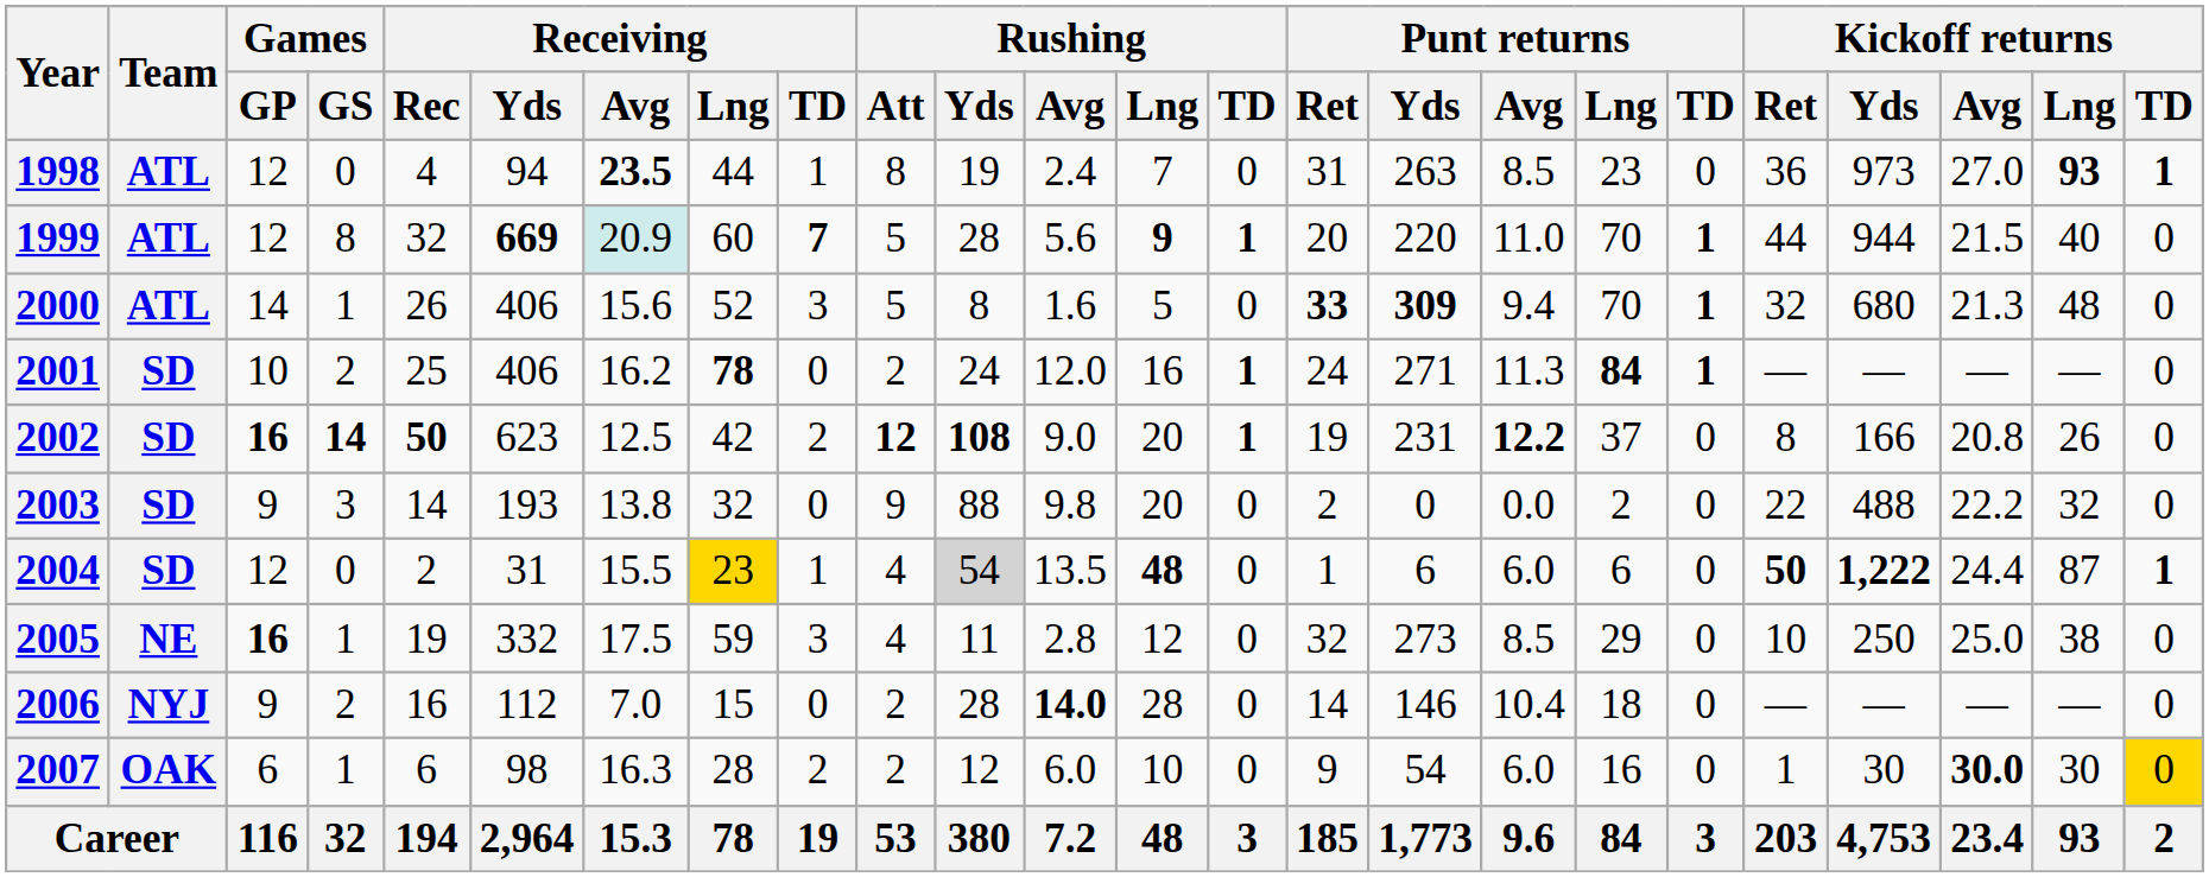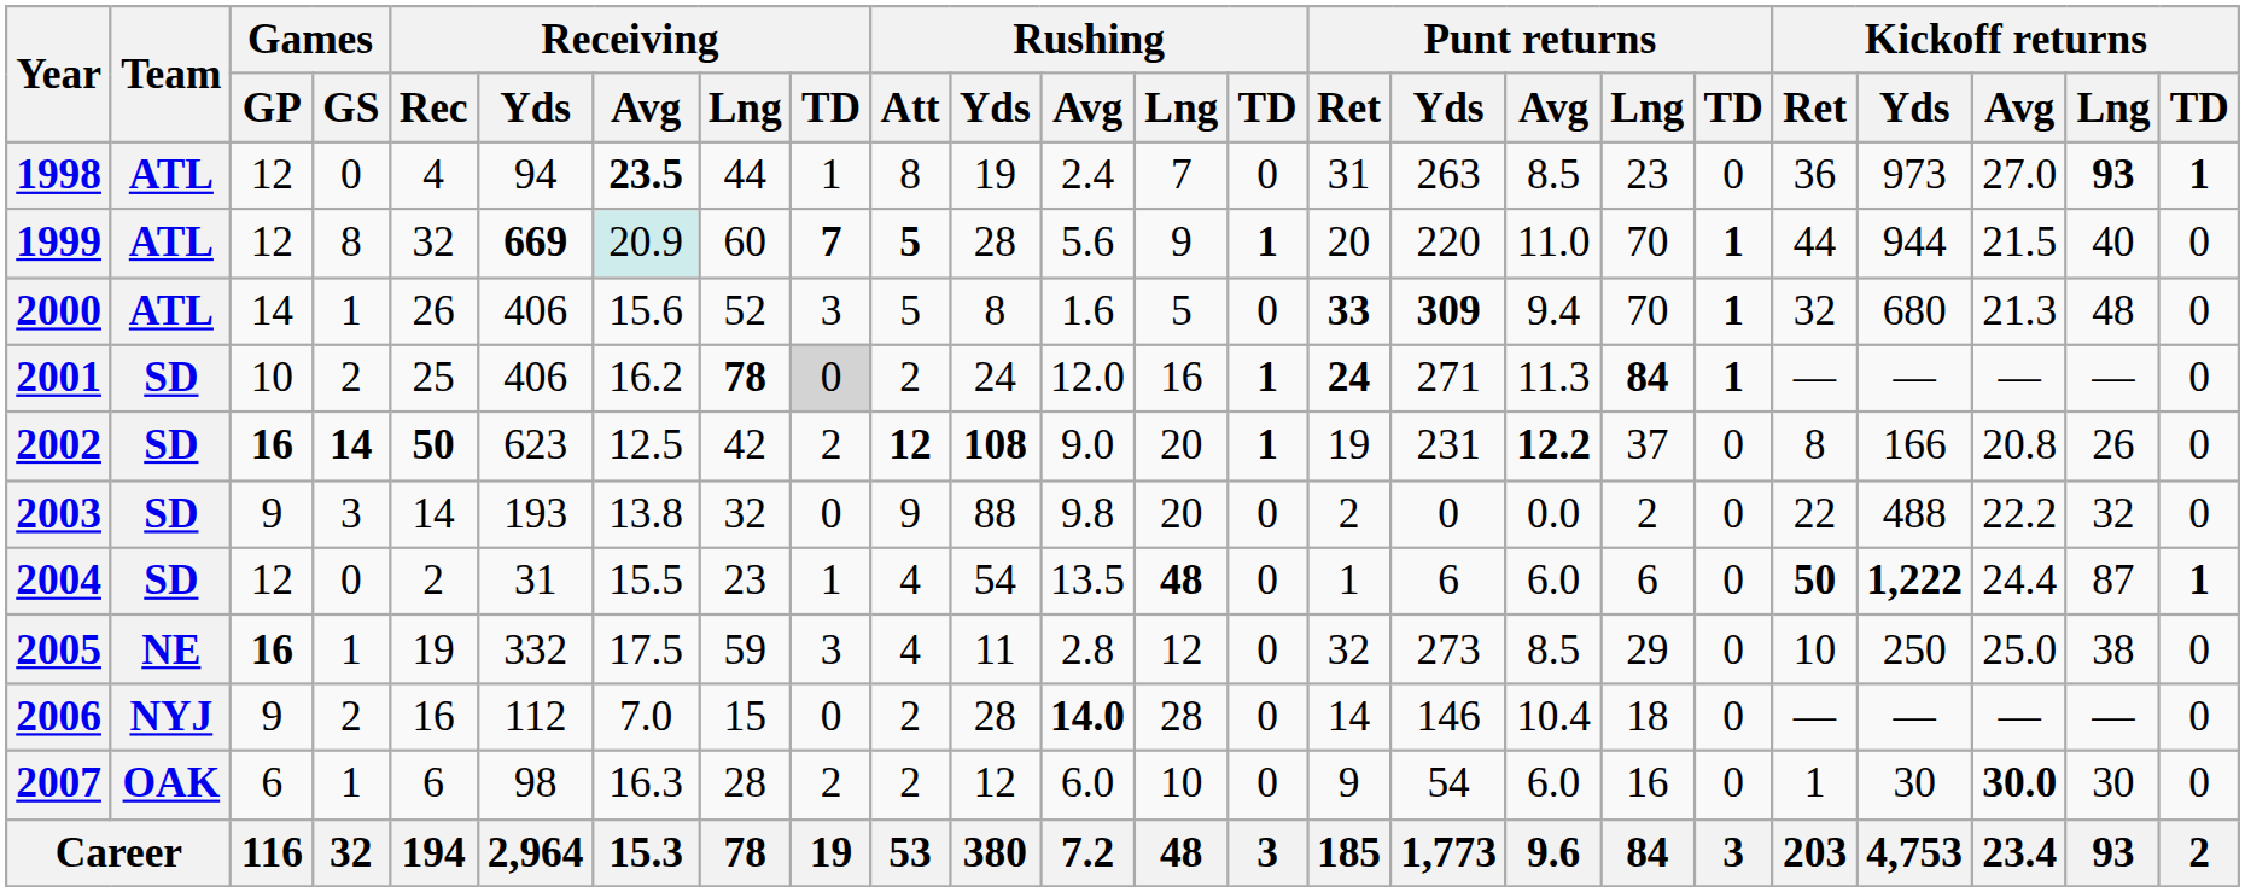 <table class="wikitable" style="text-align:center;">
 <tr>
 <th rowspan="2">Year</th>
 <th rowspan="2">Team</th>
 <th colspan="2">Games</th>
 <th colspan="5">Receiving</th>
 <th colspan="5">Rushing</th>
 <th colspan="5">Punt returns</th>
 <th colspan="5">Kickoff returns</th>
 </tr>
 <tr>
 <th>GP</th>
 <th>GS</th>
 <th>Rec</th>
 <th>Yds</th>
 <th>Avg</th>
 <th>Lng</th>
 <th>TD</th>
 <th>Att</th>
 <th>Yds</th>
 <th>Avg</th>
 <th>Lng</th>
 <th>TD</th>
 <th>Ret</th>
 <th>Yds</th>
 <th>Avg</th>
 <th>Lng</th>
 <th>TD</th>
 <th>Ret</th>
 <th>Yds</th>
 <th>Avg</th>
 <th>Lng</th>
 <th>TD</th>
 </tr>
 <tr>
 <th><a href='#'>1998</a></th>
 <th><a href='#'>ATL</a></th>
 <td>12</td>
 <td>0</td>
 <td>4</td>
 <td>94</td>
 <td><strong>23.5</strong></td>
 <td>44</td>
 <td>1</td>
 <td>8</td>
 <td>19</td>
 <td>2.4</td>
 <td>7</td>
 <td>0</td>
 <td>31</td>
 <td>263</td>
 <td>8.5</td>
 <td>23</td>
 <td>0</td>
 <td>36</td>
 <td>973</td>
 <td>27.0</td>
 <td><strong>93</strong></td>
 <td><strong>1</strong></td>
 </tr>
 <tr>
 <th><a href='#'>1999</a></th>
 <th><a href='#'>ATL</a></th>
 <td>12</td>
 <td>8</td>
 <td>32</td>
 <td><strong>669</strong></td>
 <td style="background:#cfecec; width:2em;">20.9</td>
 <td>60</td>
 <td><strong>7</strong></td>
-<td>5</td>
+<td><strong>5</strong></td>
 <td>28</td>
 <td>5.6</td>
-<td><strong>9</strong></td>
+<td>9</td>
 <td><strong>1</strong></td>
 <td>20</td>
 <td>220</td>
 <td>11.0</td>
 <td>70</td>
 <td><strong>1</strong></td>
 <td>44</td>
 <td>944</td>
 <td>21.5</td>
 <td>40</td>
 <td>0</td>
 </tr>
 <tr>
 <th><a href='#'>2000</a></th>
 <th><a href='#'>ATL</a></th>
 <td>14</td>
 <td>1</td>
 <td>26</td>
 <td>406</td>
 <td>15.6</td>
 <td>52</td>
 <td>3</td>
 <td>5</td>
 <td>8</td>
 <td>1.6</td>
 <td>5</td>
 <td>0</td>
 <td><strong>33</strong></td>
 <td><strong>309</strong></td>
 <td>9.4</td>
 <td>70</td>
 <td><strong>1</strong></td>
 <td>32</td>
 <td>680</td>
 <td>21.3</td>
 <td>48</td>
 <td>0</td>
 </tr>
 <tr>
 <th><a href='#'>2001</a></th>
 <th><a href='#'>SD</a></th>
 <td>10</td>
 <td>2</td>
 <td>25</td>
 <td>406</td>
 <td>16.2</td>
 <td><strong>78</strong></td>
-<td>0</td>
+<td style="background: lightgrey;">0</td>
 <td>2</td>
 <td>24</td>
 <td>12.0</td>
 <td>16</td>
 <td><strong>1</strong></td>
-<td>24</td>
+<td><strong>24</strong></td>
 <td>271</td>
 <td>11.3</td>
 <td><strong>84</strong></td>
 <td><strong>1</strong></td>
 <td>—</td>
 <td>—</td>
 <td>—</td>
 <td>—</td>
 <td>0</td>
 </tr>
 <tr>
 <th><a href='#'>2002</a></th>
 <th><a href='#'>SD</a></th>
 <td><strong>16</strong></td>
 <td><strong>14</strong></td>
 <td><strong>50</strong></td>
 <td>623</td>
 <td>12.5</td>
 <td>42</td>
 <td>2</td>
 <td><strong>12</strong></td>
 <td><strong>108</strong></td>
 <td>9.0</td>
 <td>20</td>
 <td><strong>1</strong></td>
 <td>19</td>
 <td>231</td>
 <td><strong>12.2</strong></td>
 <td>37</td>
 <td>0</td>
 <td>8</td>
 <td>166</td>
 <td>20.8</td>
 <td>26</td>
 <td>0</td>
 </tr>
 <tr>
 <th><a href='#'>2003</a></th>
 <th><a href='#'>SD</a></th>
 <td>9</td>
 <td>3</td>
 <td>14</td>
 <td>193</td>
 <td>13.8</td>
 <td>32</td>
 <td>0</td>
 <td>9</td>
 <td>88</td>
 <td>9.8</td>
 <td>20</td>
 <td>0</td>
 <td>2</td>
 <td>0</td>
 <td>0.0</td>
 <td>2</td>
 <td>0</td>
 <td>22</td>
 <td>488</td>
 <td>22.2</td>
 <td>32</td>
 <td>0</td>
 </tr>
 <tr>
 <th><a href='#'>2004</a></th>
 <th><a href='#'>SD</a></th>
 <td>12</td>
 <td>0</td>
 <td>2</td>
 <td>31</td>
 <td>15.5</td>
-<td style="background: gold;">23</td>
+<td>23</td>
 <td>1</td>
 <td>4</td>
-<td style="background: lightgrey;">54</td>
+<td>54</td>
 <td>13.5</td>
 <td><strong>48</strong></td>
 <td>0</td>
 <td>1</td>
 <td>6</td>
 <td>6.0</td>
 <td>6</td>
 <td>0</td>
 <td><strong>50</strong></td>
 <td><strong>1,222</strong></td>
 <td>24.4</td>
 <td>87</td>
 <td><strong>1</strong></td>
 </tr>
 <tr>
 <th><a href='#'>2005</a></th>
 <th><a href='#'>NE</a></th>
 <td><strong>16</strong></td>
 <td>1</td>
 <td>19</td>
 <td>332</td>
 <td>17.5</td>
 <td>59</td>
 <td>3</td>
 <td>4</td>
 <td>11</td>
 <td>2.8</td>
 <td>12</td>
 <td>0</td>
 <td>32</td>
 <td>273</td>
 <td>8.5</td>
 <td>29</td>
 <td>0</td>
 <td>10</td>
 <td>250</td>
 <td>25.0</td>
 <td>38</td>
 <td>0</td>
 </tr>
 <tr>
 <th><a href='#'>2006</a></th>
 <th><a href='#'>NYJ</a></th>
 <td>9</td>
 <td>2</td>
 <td>16</td>
 <td>112</td>
 <td>7.0</td>
 <td>15</td>
 <td>0</td>
 <td>2</td>
 <td>28</td>
 <td><strong>14.0</strong></td>
 <td>28</td>
 <td>0</td>
 <td>14</td>
 <td>146</td>
 <td>10.4</td>
 <td>18</td>
 <td>0</td>
 <td>—</td>
 <td>—</td>
 <td>—</td>
 <td>—</td>
 <td>0</td>
 </tr>
 <tr>
 <th><a href='#'>2007</a></th>
 <th><a href='#'>OAK</a></th>
 <td>6</td>
 <td>1</td>
 <td>6</td>
 <td>98</td>
 <td>16.3</td>
 <td>28</td>
 <td>2</td>
 <td>2</td>
 <td>12</td>
 <td>6.0</td>
 <td>10</td>
 <td>0</td>
 <td>9</td>
 <td>54</td>
 <td>6.0</td>
 <td>16</td>
 <td>0</td>
 <td>1</td>
 <td>30</td>
 <td><strong>30.0</strong></td>
 <td>30</td>
-<td style="background: gold;">0</td>
+<td>0</td>
 </tr>
 <tr>
 <th colspan="2">Career</th>
 <th>116</th>
 <th>32</th>
 <th>194</th>
 <th>2,964</th>
 <th>15.3</th>
 <th>78</th>
 <th>19</th>
 <th>53</th>
 <th>380</th>
 <th>7.2</th>
 <th>48</th>
 <th>3</th>
 <th>185</th>
 <th>1,773</th>
 <th>9.6</th>
 <th>84</th>
 <th>3</th>
 <th>203</th>
 <th>4,753</th>
 <th>23.4</th>
 <th>93</th>
 <th>2</th>
 </tr>
 </table>
